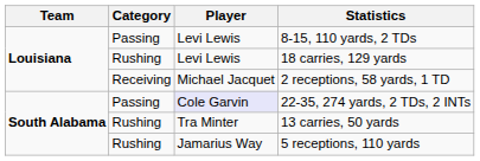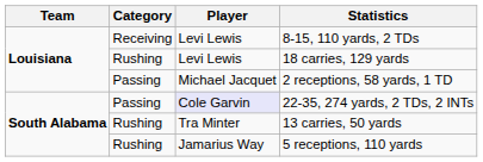 <table class="wikitable" style="float: left;">
 <tr>
 <th>Team</th>
 <th>Category</th>
 <th>Player</th>
 <th>Statistics</th>
 </tr>
 <tr>
 <td rowspan=3><strong>Louisiana</strong></td>
-<td>Passing</td>
+<td>Receiving</td>
 <td>Levi Lewis</td>
 <td>8-15, 110 yards, 2 TDs</td>
 </tr>
 <tr>
 <td>Rushing</td>
 <td>Levi Lewis</td>
 <td>18 carries, 129 yards</td>
 </tr>
 <tr>
-<td>Receiving</td>
+<td>Passing</td>
 <td>Michael Jacquet</td>
 <td>2 receptions, 58 yards, 1 TD</td>
 </tr>
 <tr>
 <td rowspan=3><strong>South Alabama</strong></td>
 <td>Passing</td>
 <td style="background: lavender;">Cole Garvin</td>
 <td>22-35, 274 yards, 2 TDs, 2 INTs</td>
 </tr>
 <tr>
 <td>Rushing</td>
 <td>Tra Minter</td>
 <td>13 carries, 50 yards</td>
 </tr>
 <tr>
 <td>Rushing</td>
 <td>Jamarius Way</td>
 <td>5 receptions, 110 yards</td>
 </tr>
 </table>
